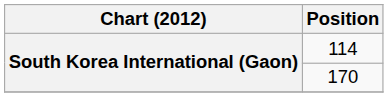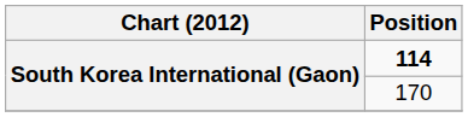 <table class="wikitable plainrowheaders" style="text-align:center;">
 <tr>
 <th scope="col">Chart (2012)</th>
 <th scope="col">Position</th>
 </tr>
 <tr>
 <th scope="row" rowspan="2">South Korea International (Gaon)</th>
-<td>114</td>
+<td><strong>114</strong></td>
 </tr>
 <tr>
 <td>170</td>
 </tr>
 <tr>
 </tr>
 </table>
